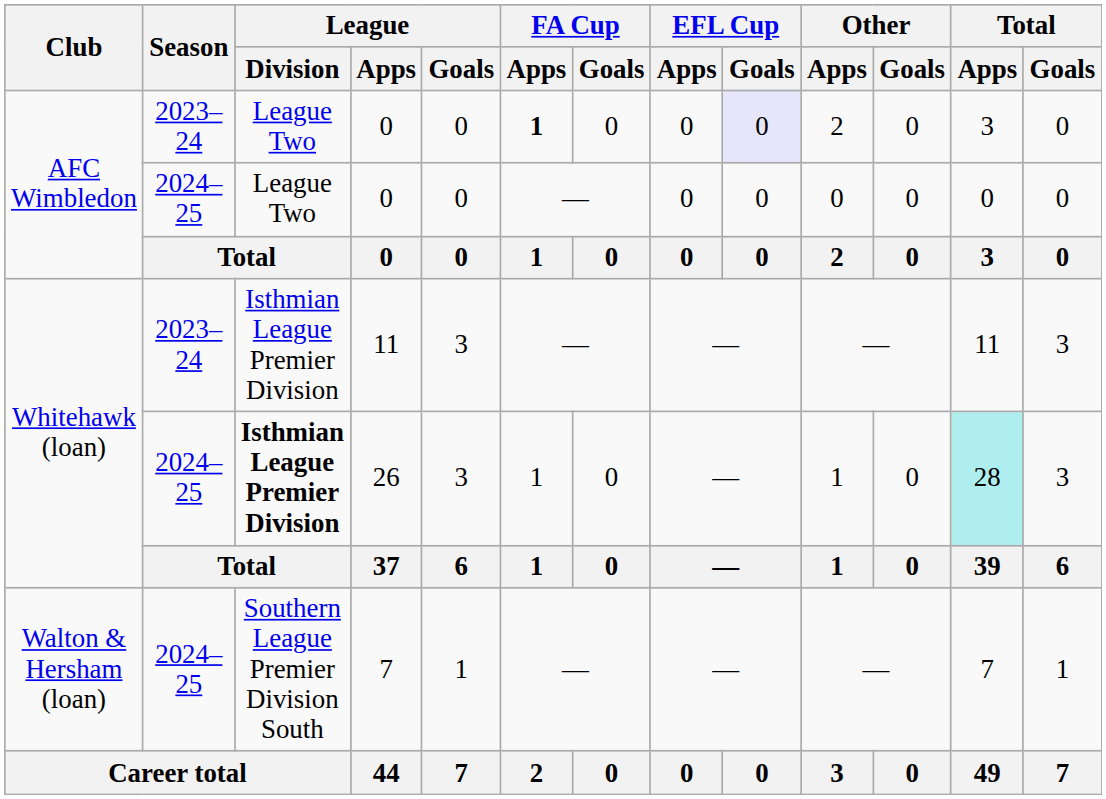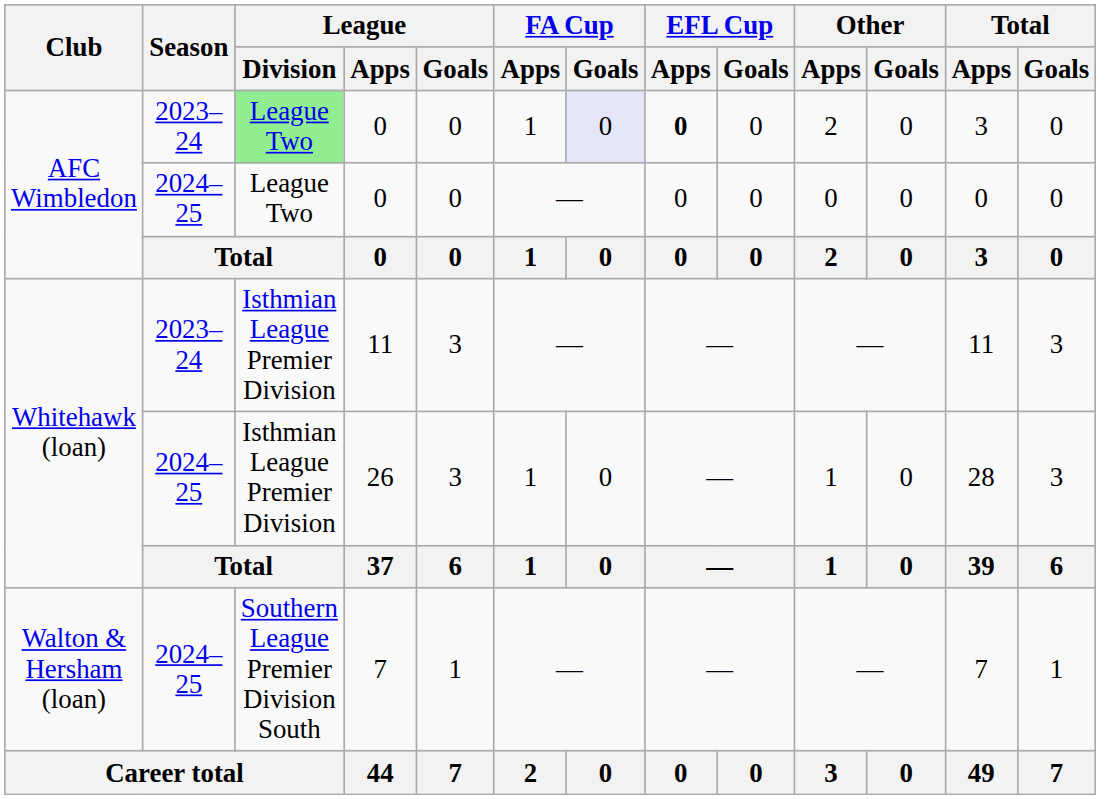 <table class="wikitable" style="text-align:center">
 <tr>
 <th rowspan="2">Club</th>
 <th rowspan="2">Season</th>
 <th colspan="3">League</th>
 <th colspan="2"><a href='#'>FA Cup</a></th>
 <th colspan="2"><a href='#'>EFL Cup</a></th>
 <th colspan="2">Other</th>
 <th colspan="2">Total</th>
 </tr>
 <tr>
 <th>Division</th>
 <th>Apps</th>
 <th>Goals</th>
 <th>Apps</th>
 <th>Goals</th>
 <th>Apps</th>
 <th>Goals</th>
 <th>Apps</th>
 <th>Goals</th>
 <th>Apps</th>
 <th>Goals</th>
 </tr>
 <tr>
 <td rowspan="3"><a href='#'>AFC Wimbledon</a></td>
 <td><a href='#'>2023–24</a></td>
-<td><a href='#'>League Two</a></td>
+<td style="background: lightgreen;"><a href='#'>League Two</a></td>
 <td>0</td>
 <td>0</td>
-<td><strong>1</strong></td>
+<td>1</td>
+<td style="background: lavender;">0</td>
+<td><strong>0</strong></td>
 <td>0</td>
-<td>0</td>
-<td style="background: lavender;">0</td>
 <td>2</td>
 <td>0</td>
 <td>3</td>
 <td>0</td>
 </tr>
 <tr>
 <td><a href='#'>2024–25</a></td>
 <td>League Two</td>
 <td>0</td>
 <td>0</td>
 <td colspan="2">—</td>
 <td>0</td>
 <td>0</td>
 <td>0</td>
 <td>0</td>
 <td>0</td>
 <td>0</td>
 </tr>
 <tr>
 <th colspan=2>Total</th>
 <th>0</th>
 <th>0</th>
 <th>1</th>
 <th>0</th>
 <th>0</th>
 <th>0</th>
 <th>2</th>
 <th>0</th>
 <th>3</th>
 <th>0</th>
 </tr>
 <tr>
 <td rowspan="3"><a href='#'>Whitehawk</a> (loan)</td>
 <td><a href='#'>2023–24</a></td>
 <td><a href='#'>Isthmian League</a> Premier Division</td>
 <td>11</td>
 <td>3</td>
 <td colspan="2">—</td>
 <td colspan="2">—</td>
 <td colspan="2">—</td>
 <td>11</td>
 <td>3</td>
 </tr>
 <tr>
 <td><a href='#'>2024–25</a></td>
-<td><strong>Isthmian League Premier Division</strong></td>
+<td>Isthmian League Premier Division</td>
 <td>26</td>
 <td>3</td>
 <td>1</td>
 <td>0</td>
 <td colspan="2">—</td>
 <td>1</td>
 <td>0</td>
-<td style="background: paleturquoise;">28</td>
+<td>28</td>
 <td>3</td>
 </tr>
 <tr>
 <th colspan=2>Total</th>
 <th>37</th>
 <th>6</th>
 <th>1</th>
 <th>0</th>
 <th colspan="2">—</th>
 <th>1</th>
 <th>0</th>
 <th>39</th>
 <th>6</th>
 </tr>
 <tr>
 <td><a href='#'>Walton & Hersham</a> (loan)</td>
 <td><a href='#'>2024–25</a></td>
 <td><a href='#'>Southern League</a> Premier Division South</td>
 <td>7</td>
 <td>1</td>
 <td colspan="2">—</td>
 <td colspan="2">—</td>
 <td colspan="2">—</td>
 <td>7</td>
 <td>1</td>
 </tr>
 <tr>
 <th colspan=3>Career total</th>
 <th>44</th>
 <th>7</th>
 <th>2</th>
 <th>0</th>
 <th>0</th>
 <th>0</th>
 <th>3</th>
 <th>0</th>
 <th>49</th>
 <th>7</th>
 </tr>
 </table>
